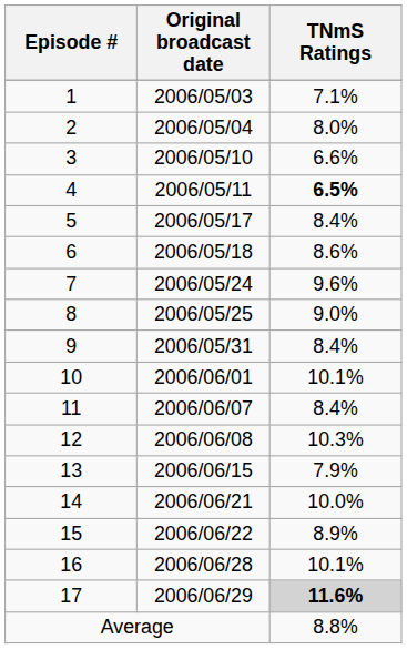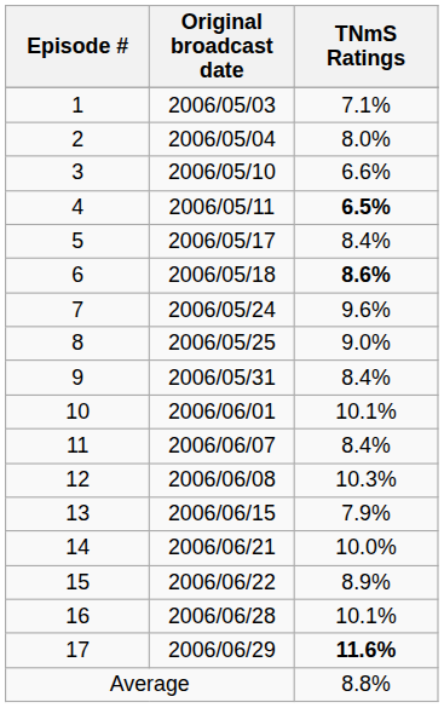 <table class=wikitable style="text-align:center">
 <tr>
 <th width=100>Episode #</th>
 <th width=100>Original broadcast date</th>
 <th width=100>TNmS Ratings</th>
 </tr>
 <tr align="center">
 </tr>
 <tr>
 <td>1</td>
 <td>2006/05/03</td>
 <td>7.1%</td>
 </tr>
 <tr>
 <td>2</td>
 <td>2006/05/04</td>
 <td>8.0%</td>
 </tr>
 <tr>
 <td>3</td>
 <td>2006/05/10</td>
 <td>6.6%</td>
 </tr>
 <tr>
 <td>4</td>
 <td>2006/05/11</td>
 <td><span><strong>6.5%</strong></span></td>
 </tr>
 <tr>
 <td>5</td>
 <td>2006/05/17</td>
 <td>8.4%</td>
 </tr>
 <tr>
 <td>6</td>
 <td>2006/05/18</td>
-<td>8.6%</td>
+<td><strong>8.6%</strong></td>
 </tr>
 <tr>
 <td>7</td>
 <td>2006/05/24</td>
 <td>9.6%</td>
 </tr>
 <tr>
 <td>8</td>
 <td>2006/05/25</td>
 <td>9.0%</td>
 </tr>
 <tr>
 <td>9</td>
 <td>2006/05/31</td>
 <td>8.4%</td>
 </tr>
 <tr>
 <td>10</td>
 <td>2006/06/01</td>
 <td>10.1%</td>
 </tr>
 <tr>
 <td>11</td>
 <td>2006/06/07</td>
 <td>8.4%</td>
 </tr>
 <tr>
 <td>12</td>
 <td>2006/06/08</td>
 <td>10.3%</td>
 </tr>
 <tr>
 <td>13</td>
 <td>2006/06/15</td>
 <td>7.9%</td>
 </tr>
 <tr>
 <td>14</td>
 <td>2006/06/21</td>
 <td>10.0%</td>
 </tr>
 <tr>
 <td>15</td>
 <td>2006/06/22</td>
 <td>8.9%</td>
 </tr>
 <tr>
 <td>16</td>
 <td>2006/06/28</td>
 <td>10.1%</td>
 </tr>
 <tr>
 <td>17</td>
 <td>2006/06/29</td>
-<td style="background: lightgrey;"><span><strong>11.6%</strong></span></td>
+<td><span><strong>11.6%</strong></span></td>
 </tr>
 <tr>
 <td colspan="2">Average</td>
 <td>8.8%</td>
 </tr>
 </table>
